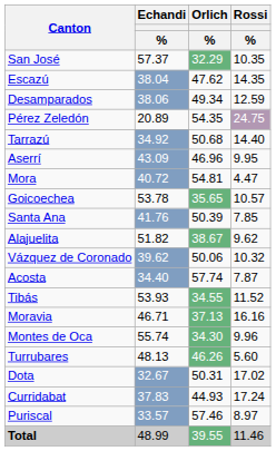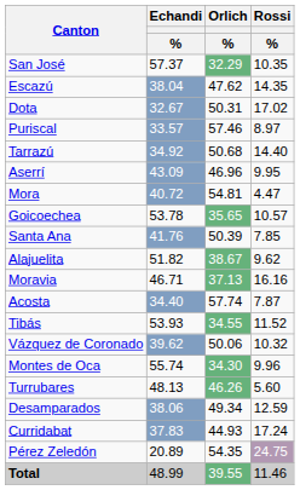 <table class="wikitable mw-collapsible mw-collapsed">
 <tr>
 <th rowspan="3"><a href='#'>Canton</a></th>
 <th colspan="1" width="40px">Echandi</th>
 <th colspan="1" width="40px">Orlich</th>
 <th colspan="1" width="40px">Rossi</th>
 </tr>
 <tr>
 <th style="background:"></th>
 <th style="background:"></th>
 <th style="background:"></th>
 </tr>
 <tr>
 <th data-sort-type="number">%</th>
 <th data-sort-type="number">%</th>
 <th data-sort-type="number">%</th>
 </tr>
 <tr>
 <td align="left"><a href='#'>San José</a></td>
 <td style="background:">57.37</td>
 <td style="background:#66B27B; color:white;">32.29</td>
 <td>10.35</td>
 </tr>
 <tr>
 <td align="left"><a href='#'>Escazú</a></td>
 <td style="background:#809ec1; color:white;">38.04</td>
 <td style="background:">47.62</td>
 <td>14.35</td>
 </tr>
 <tr>
-<td align="left"><a href='#'>Desamparados</a></td>
-<td style="background:#809ec1; color:white;">38.06</td>
-<td style="background:">49.34</td>
-<td>12.59</td>
+<td align="left"><a href='#'>Dota</a></td>
+<td style="background:#809ec1; color:white;">32.67</td>
+<td style="background:">50.31</td>
+<td>17.02</td>
 </tr>
 <tr>
-<td align="left"><a href='#'>Pérez Zeledón</a></td>
-<td>20.89</td>
-<td style="background:">54.35</td>
-<td style="background:#b298b3; color:white;">24.75</td>
+<td align="left"><a href='#'>Puriscal</a></td>
+<td style="background:#809ec1; color:white;">33.57</td>
+<td style="background:">57.46</td>
+<td>8.97</td>
 </tr>
 <tr>
 <td align="left"><a href='#'>Tarrazú</a></td>
 <td style="background:#809ec1; color:white;">34.92</td>
 <td style="background:">50.68</td>
 <td>14.40</td>
 </tr>
 <tr>
 <td align="left"><a href='#'>Aserrí</a></td>
 <td style="background:#809ec1; color:white;">43.09</td>
 <td style="background:">46.96</td>
 <td>9.95</td>
 </tr>
 <tr>
 <td align="left"><a href='#'>Mora</a></td>
 <td style="background:#809ec1; color:white;">40.72</td>
 <td style="background:">54.81</td>
 <td>4.47</td>
 </tr>
 <tr>
 <td align="left"><a href='#'>Goicoechea</a></td>
 <td style="background:">53.78</td>
 <td style="background:#66B27B; color:white;">35.65</td>
 <td>10.57</td>
 </tr>
 <tr>
 <td align="left"><a href='#'>Santa Ana</a></td>
 <td style="background:#809ec1; color:white;">41.76</td>
 <td style="background:">50.39</td>
 <td>7.85</td>
 </tr>
 <tr>
 <td align="left"><a href='#'>Alajuelita</a></td>
 <td style="background:">51.82</td>
 <td style="background:#66B27B; color:white;">38.67</td>
 <td>9.62</td>
 </tr>
 <tr>
-<td align="left"><a href='#'>Vázquez de Coronado</a></td>
-<td style="background:#809ec1; color:white;">39.62</td>
-<td style="background:">50.06</td>
-<td>10.32</td>
+<td align="left"><a href='#'>Moravia</a></td>
+<td style="background:">46.71</td>
+<td style="background:#66B27B; color:white;">37.13</td>
+<td>16.16</td>
 </tr>
 <tr>
 <td align="left"><a href='#'>Acosta</a></td>
 <td style="background:#809ec1; color:white;">34.40</td>
 <td style="background:">57.74</td>
 <td>7.87</td>
 </tr>
 <tr>
 <td align="left"><a href='#'>Tibás</a></td>
 <td style="background:">53.93</td>
 <td style="background:#66B27B; color:white;">34.55</td>
 <td>11.52</td>
 </tr>
 <tr>
-<td align="left"><a href='#'>Moravia</a></td>
-<td style="background:">46.71</td>
-<td style="background:#66B27B; color:white;">37.13</td>
-<td>16.16</td>
+<td align="left"><a href='#'>Vázquez de Coronado</a></td>
+<td style="background:#809ec1; color:white;">39.62</td>
+<td style="background:">50.06</td>
+<td>10.32</td>
 </tr>
 <tr>
 <td align="left"><a href='#'>Montes de Oca</a></td>
 <td style="background:">55.74</td>
 <td style="background:#66B27B; color:white;">34.30</td>
 <td>9.96</td>
 </tr>
 <tr>
 <td align="left"><a href='#'>Turrubares</a></td>
 <td style="background:">48.13</td>
 <td style="background:#66B27B; color:white;">46.26</td>
 <td>5.60</td>
 </tr>
 <tr>
-<td align="left"><a href='#'>Dota</a></td>
-<td style="background:#809ec1; color:white;">32.67</td>
-<td style="background:">50.31</td>
-<td>17.02</td>
+<td align="left"><a href='#'>Desamparados</a></td>
+<td style="background:#809ec1; color:white;">38.06</td>
+<td style="background:">49.34</td>
+<td>12.59</td>
 </tr>
 <tr>
 <td align="left"><a href='#'>Curridabat</a></td>
 <td style="background:#809ec1; color:white;">37.83</td>
 <td style="background:">44.93</td>
 <td>17.24</td>
 </tr>
 <tr>
-<td align="left"><a href='#'>Puriscal</a></td>
-<td style="background:#809ec1; color:white;">33.57</td>
-<td style="background:">57.46</td>
-<td>8.97</td>
+<td align="left"><a href='#'>Pérez Zeledón</a></td>
+<td>20.89</td>
+<td style="background:">54.35</td>
+<td style="background:#b298b3; color:white;">24.75</td>
 </tr>
 <tr style="background:#CDCDCD;">
 <td align="left"><strong>Total</strong></td>
 <td style="background:">48.99</td>
 <td style="background:#66B27B; color:white;">39.55</td>
 <td>11.46</td>
 </tr>
 </table>
